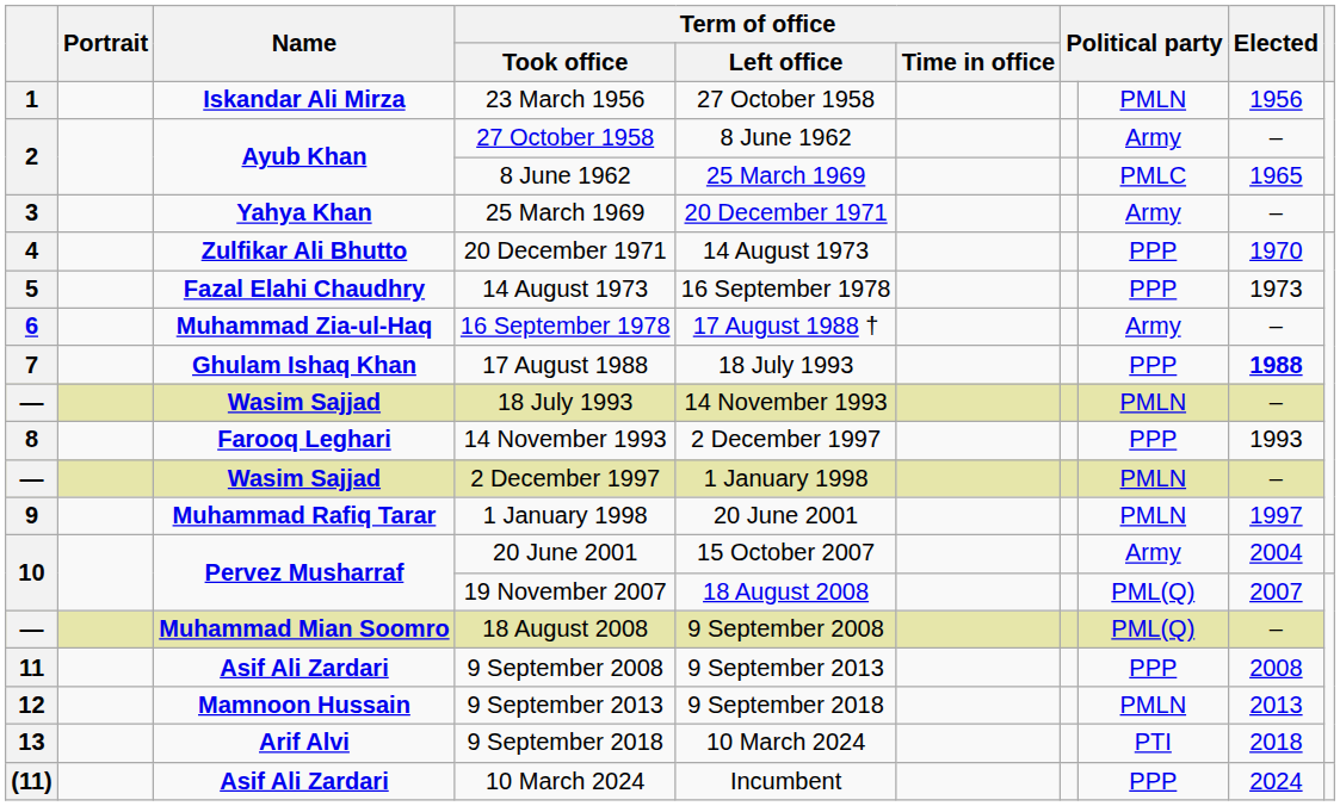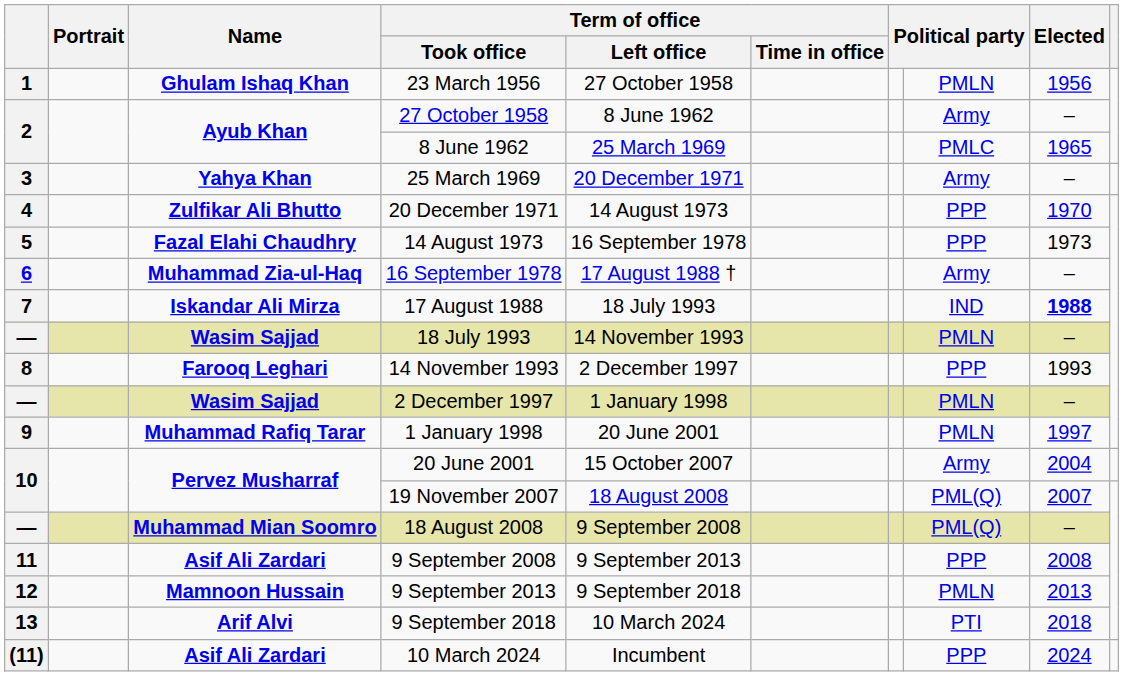 <table class="wikitable" style="text-align:center;">
 <tr>
 <th rowspan="2"></th>
 <th rowspan="2">Portrait</th>
 <th rowspan="2">Name<br></th>
 <th colspan="3">Term of office</th>
 <th colspan="2" rowspan="2">Political party</th>
 <th rowspan="2">Elected</th>
 <th rowspan="2"></th>
 </tr>
 <tr>
 <th>Took office</th>
 <th>Left office</th>
 <th>Time in office</th>
 </tr>
 <tr>
 <th>1</th>
 <td></td>
-<td><strong><a href='#'>Iskandar Ali Mirza</a></strong><br></td>
+<td><strong><a href='#'>Ghulam Ishaq Khan</a></strong><br></td>
 <td>23 March 1956</td>
 <td>27 October 1958</td>
 <td></td>
 <td style="background-color:"></td>
 <td><a href='#'>PMLN</a></td>
 <td><a href='#'>1956</a></td>
 <td rowspan="3"></td>
 </tr>
 <tr>
 <th rowspan="2">2</th>
 <td rowspan="2"></td>
 <td rowspan="2"><strong><a href='#'>Ayub Khan</a></strong><br></td>
 <td><a href='#'>27 October 1958</a></td>
 <td>8 June 1962</td>
 <td></td>
 <td style="background-color:"></td>
 <td><a href='#'>Army</a></td>
 <td>–</td>
 </tr>
 <tr>
 <td>8 June 1962</td>
 <td><a href='#'>25 March 1969</a></td>
 <td></td>
 <td style="background-color:"></td>
 <td><a href='#'>PMLC</a></td>
 <td><a href='#'>1965</a></td>
 </tr>
 <tr>
 <th>3</th>
 <td></td>
 <td><strong><a href='#'>Yahya Khan</a></strong><br></td>
 <td>25 March 1969</td>
 <td><a href='#'>20 December 1971</a></td>
 <td></td>
 <td style="background-color:"></td>
 <td><a href='#'>Army</a></td>
 <td>–</td>
 <td></td>
 </tr>
 <tr>
 <th>4</th>
 <td></td>
 <td><strong><a href='#'>Zulfikar Ali Bhutto</a></strong><br></td>
 <td>20 December 1971</td>
 <td>14 August 1973</td>
 <td></td>
 <td style="background-color:"></td>
 <td><a href='#'>PPP</a></td>
 <td><a href='#'>1970</a></td>
 <td rowspan="8"></td>
 </tr>
 <tr>
 <th>5</th>
 <td></td>
 <td><strong><a href='#'>Fazal Elahi Chaudhry</a></strong><br></td>
 <td>14 August 1973</td>
 <td>16 September 1978</td>
 <td></td>
 <td style="background-color:"></td>
 <td><a href='#'>PPP</a></td>
 <td>1973</td>
 </tr>
 <tr>
 <th><a href='#'>6</a></th>
 <td></td>
 <td><strong><a href='#'>Muhammad Zia-ul-Haq</a></strong><br></td>
 <td><a href='#'>16 September 1978</a></td>
 <td><a href='#'>17 August 1988</a> †</td>
 <td></td>
 <td style="background-color:"></td>
 <td><a href='#'>Army</a></td>
 <td>–</td>
 </tr>
 <tr>
 <th>7</th>
 <td></td>
-<td><strong><a href='#'>Ghulam Ishaq Khan</a></strong><br></td>
+<td><strong><a href='#'>Iskandar Ali Mirza</a></strong><br></td>
 <td>17 August 1988</td>
 <td>18 July 1993</td>
 <td></td>
 <td style="background-color:"></td>
-<td><a href='#'>PPP</a></td>
+<td><a href='#'>IND</a></td>
 <td><strong><a href='#'>1988</a></strong></td>
 </tr>
 <tr style="background:#e6e6aa;">
 <th>—</th>
 <td></td>
 <td><strong><a href='#'>Wasim Sajjad</a></strong><br></td>
 <td>18 July 1993</td>
 <td>14 November 1993</td>
 <td></td>
 <td style="background-color:"></td>
 <td><a href='#'>PMLN</a></td>
 <td>–</td>
 </tr>
 <tr>
 <th>8</th>
 <td></td>
 <td><strong><a href='#'>Farooq Leghari</a></strong><br></td>
 <td>14 November 1993</td>
 <td>2 December 1997</td>
 <td></td>
 <td style="background-color:"></td>
 <td><a href='#'>PPP</a></td>
 <td>1993</td>
 </tr>
 <tr style="background:#e6e6aa;">
 <th>—</th>
 <td></td>
 <td><strong><a href='#'>Wasim Sajjad</a></strong><br></td>
 <td>2 December 1997</td>
 <td>1 January 1998</td>
 <td></td>
 <td style="background-color:"></td>
 <td><a href='#'>PMLN</a></td>
 <td>–</td>
 </tr>
 <tr>
 <th>9</th>
 <td></td>
 <td><strong><a href='#'>Muhammad Rafiq Tarar</a></strong><br></td>
 <td>1 January 1998</td>
 <td>20 June 2001</td>
 <td></td>
 <td style="background-color:"></td>
 <td><a href='#'>PMLN</a></td>
 <td><a href='#'>1997</a></td>
 </tr>
 <tr>
 <th rowspan="2">10</th>
 <td rowspan="2"></td>
 <td rowspan="2"><strong><a href='#'>Pervez Musharraf</a></strong><br></td>
 <td>20 June 2001</td>
 <td>15 October 2007</td>
 <td></td>
 <td style="background-color:"></td>
 <td><a href='#'>Army</a></td>
 <td><a href='#'>2004</a></td>
 <td></td>
 </tr>
 <tr>
 <td>19 November 2007</td>
 <td><a href='#'>18 August 2008</a></td>
 <td></td>
 <td style="background-color:"></td>
 <td><a href='#'>PML(Q)</a></td>
 <td><a href='#'>2007</a></td>
 <td rowspan="5"></td>
 </tr>
 <tr style="background:#e6e6aa;">
 <th>—</th>
 <td></td>
 <td><strong><a href='#'>Muhammad Mian Soomro</a></strong><br></td>
 <td>18 August 2008</td>
 <td>9 September 2008</td>
 <td></td>
 <td style="background-color:"></td>
 <td><a href='#'>PML(Q)</a></td>
 <td>–</td>
 </tr>
 <tr>
 <th>11</th>
 <td></td>
 <td><strong><a href='#'>Asif Ali Zardari</a></strong><br></td>
 <td>9 September 2008</td>
 <td>9 September 2013</td>
 <td></td>
 <td style="background-color:"></td>
 <td><a href='#'>PPP</a></td>
 <td><a href='#'>2008</a></td>
 </tr>
 <tr>
 <th>12</th>
 <td></td>
 <td><strong><a href='#'>Mamnoon Hussain</a></strong><br></td>
 <td>9 September 2013</td>
 <td>9 September 2018</td>
 <td></td>
 <td style="background-color:"></td>
 <td><a href='#'>PMLN</a></td>
 <td><a href='#'>2013</a></td>
 </tr>
 <tr>
 <th>13</th>
 <td></td>
 <td><strong><a href='#'>Arif Alvi</a></strong><br></td>
 <td>9 September 2018</td>
 <td>10 March 2024</td>
 <td></td>
 <td style="background-color:"></td>
 <td><a href='#'>PTI</a></td>
 <td><a href='#'>2018</a></td>
 </tr>
 <tr>
 <th>(11)</th>
 <td></td>
 <td><strong><a href='#'>Asif Ali Zardari</a></strong><br></td>
 <td>10 March 2024</td>
 <td>Incumbent</td>
 <td></td>
 <td style="background-color:"></td>
 <td><a href='#'>PPP</a></td>
 <td><a href='#'>2024</a></td>
 <td></td>
 </tr>
 </table>
